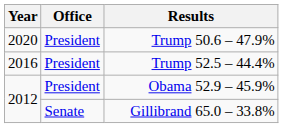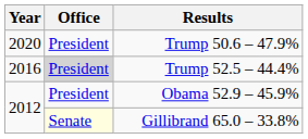 <table class=wikitable>
 <tr>
 <th width="30">Year</th>
 <th width="60">Office</th>
 <th width="180">Results</th>
 </tr>
 <tr>
 <td>2020</td>
 <td><a href='#'>President</a></td>
 <td align="right" ><a href='#'>Trump</a> 50.6 – 47.9%</td>
 </tr>
 <tr>
 <td>2016</td>
-<td><a href='#'>President</a></td>
+<td style="background: lightgrey;"><a href='#'>President</a></td>
 <td align="right" ><a href='#'>Trump</a> 52.5 – 44.4%</td>
 </tr>
 <tr>
 <td rowspan="2">2012</td>
 <td><a href='#'>President</a></td>
 <td align="right" ><a href='#'>Obama</a> 52.9 – 45.9%</td>
 </tr>
 <tr>
-<td><a href='#'>Senate</a></td>
+<td style="background: lightyellow;"><a href='#'>Senate</a></td>
 <td align="right" ><a href='#'>Gillibrand</a> 65.0 – 33.8%</td>
 </tr>
 </table>
